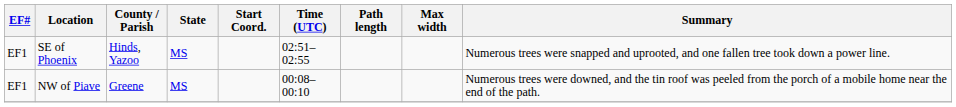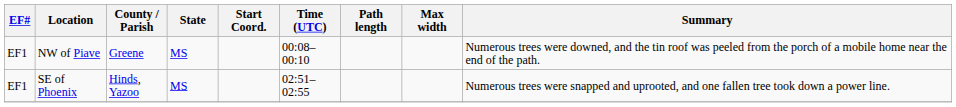 <table class="wikitable sortable" style="width:100%;">
 <tr>
 <th scope="col"  style="width:3%; text-align:center;"><a href='#'>EF#</a></th>
 <th scope="col"  style="width:7%; text-align:center;" class="unsortable">Location</th>
 <th scope="col"  style="width:6%; text-align:center;" class="unsortable">County / Parish</th>
 <th scope="col"  style="width:5%; text-align:center;">State</th>
 <th scope="col"  style="width:6%; text-align:center;">Start Coord.</th>
 <th scope="col"  style="width:6%; text-align:center;">Time (<a href='#'>UTC</a>)</th>
 <th scope="col"  style="width:6%; text-align:center;">Path length</th>
 <th scope="col"  style="width:6%; text-align:center;">Max width</th>
 <th scope="col" class="unsortable" style="width:48%; text-align:center;">Summary</th>
 </tr>
 <tr>
 <td>EF1</td>
+<td>NW of <a href='#'>Piave</a></td>
+<td><a href='#'>Greene</a></td>
+<td><a href='#'>MS</a></td>
+<td></td>
+<td>00:08–00:10</td>
+<td></td>
+<td></td>
+<td>Numerous trees were downed, and the tin roof was peeled from the porch of a mobile home near the end of the path.</td>
+</tr>
+<tr>
+<td>EF1</td>
 <td>SE of <a href='#'>Phoenix</a></td>
 <td><a href='#'>Hinds</a>, <a href='#'>Yazoo</a></td>
 <td><a href='#'>MS</a></td>
 <td></td>
 <td>02:51–02:55</td>
 <td></td>
 <td></td>
 <td>Numerous trees were snapped and uprooted, and one fallen tree took down a power line.</td>
 </tr>
 <tr>
-<td>EF1</td>
-<td>NW of <a href='#'>Piave</a></td>
-<td><a href='#'>Greene</a></td>
-<td><a href='#'>MS</a></td>
-<td></td>
-<td>00:08–00:10</td>
-<td></td>
-<td></td>
-<td>Numerous trees were downed, and the tin roof was peeled from the porch of a mobile home near the end of the path.</td>
-</tr>
-<tr>
 </tr>
 </table>
